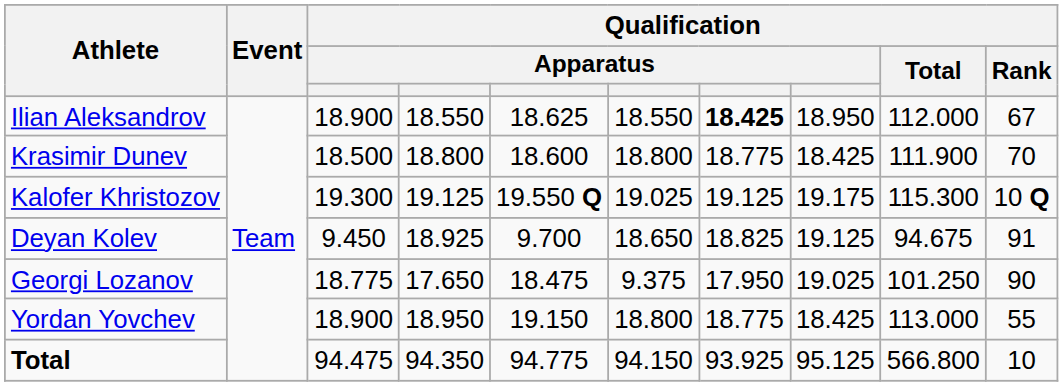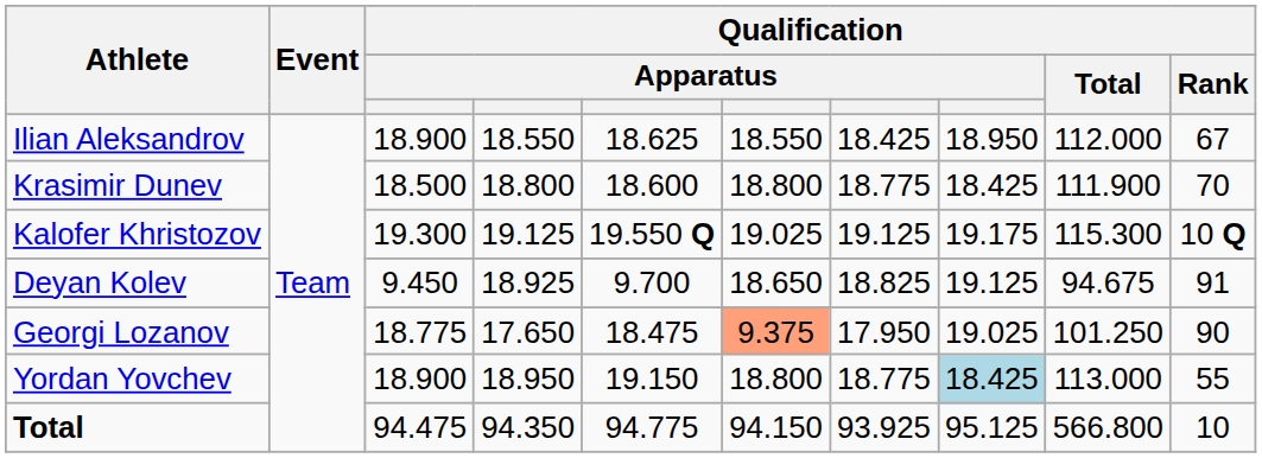 <table class="wikitable" style="font-size:90%">
 <tr>
 <th rowspan=3>Athlete</th>
 <th rowspan=3>Event</th>
 <th colspan =8>Qualification</th>
 </tr>
 <tr style="font-size:95%">
 <th colspan=6>Apparatus</th>
 <th rowspan=2>Total</th>
 <th rowspan=2>Rank</th>
 </tr>
 <tr style="font-size:95%">
 <th></th>
 <th></th>
 <th></th>
 <th></th>
 <th></th>
 <th></th>
 </tr>
 <tr align=center>
 <td align=left><a href='#'>Ilian Aleksandrov</a></td>
 <td align=left rowspan=7><a href='#'>Team</a></td>
 <td>18.900</td>
 <td>18.550</td>
 <td>18.625</td>
 <td>18.550</td>
-<td><strong>18.425</strong></td>
+<td>18.425</td>
 <td>18.950</td>
 <td>112.000</td>
 <td>67</td>
 </tr>
 <tr align=center>
 <td align=left><a href='#'>Krasimir Dunev</a></td>
 <td>18.500</td>
 <td>18.800</td>
 <td>18.600</td>
 <td>18.800</td>
 <td>18.775</td>
 <td>18.425</td>
 <td>111.900</td>
 <td>70</td>
 </tr>
 <tr align=center>
 <td align=left><a href='#'>Kalofer Khristozov</a></td>
 <td>19.300</td>
 <td>19.125</td>
 <td>19.550 <strong>Q</strong></td>
 <td>19.025</td>
 <td>19.125</td>
 <td>19.175</td>
 <td>115.300</td>
 <td>10 <strong>Q</strong></td>
 </tr>
 <tr align=center>
 <td align=left><a href='#'>Deyan Kolev</a></td>
 <td>9.450</td>
 <td>18.925</td>
 <td>9.700</td>
 <td>18.650</td>
 <td>18.825</td>
 <td>19.125</td>
 <td>94.675</td>
 <td>91</td>
 </tr>
 <tr align=center>
 <td align=left><a href='#'>Georgi Lozanov</a></td>
 <td>18.775</td>
 <td>17.650</td>
 <td>18.475</td>
-<td>9.375</td>
+<td style="background: lightsalmon;">9.375</td>
 <td>17.950</td>
 <td>19.025</td>
 <td>101.250</td>
 <td>90</td>
 </tr>
 <tr align=center>
 <td align=left><a href='#'>Yordan Yovchev</a></td>
 <td>18.900</td>
 <td>18.950</td>
 <td>19.150</td>
 <td>18.800</td>
 <td>18.775</td>
-<td>18.425</td>
+<td style="background: lightblue;">18.425</td>
 <td>113.000</td>
 <td>55</td>
 </tr>
 <tr align=center>
 <td align=left><strong>Total</strong></td>
 <td>94.475</td>
 <td>94.350</td>
 <td>94.775</td>
 <td>94.150</td>
 <td>93.925</td>
 <td>95.125</td>
 <td>566.800</td>
 <td>10</td>
 </tr>
 </table>
